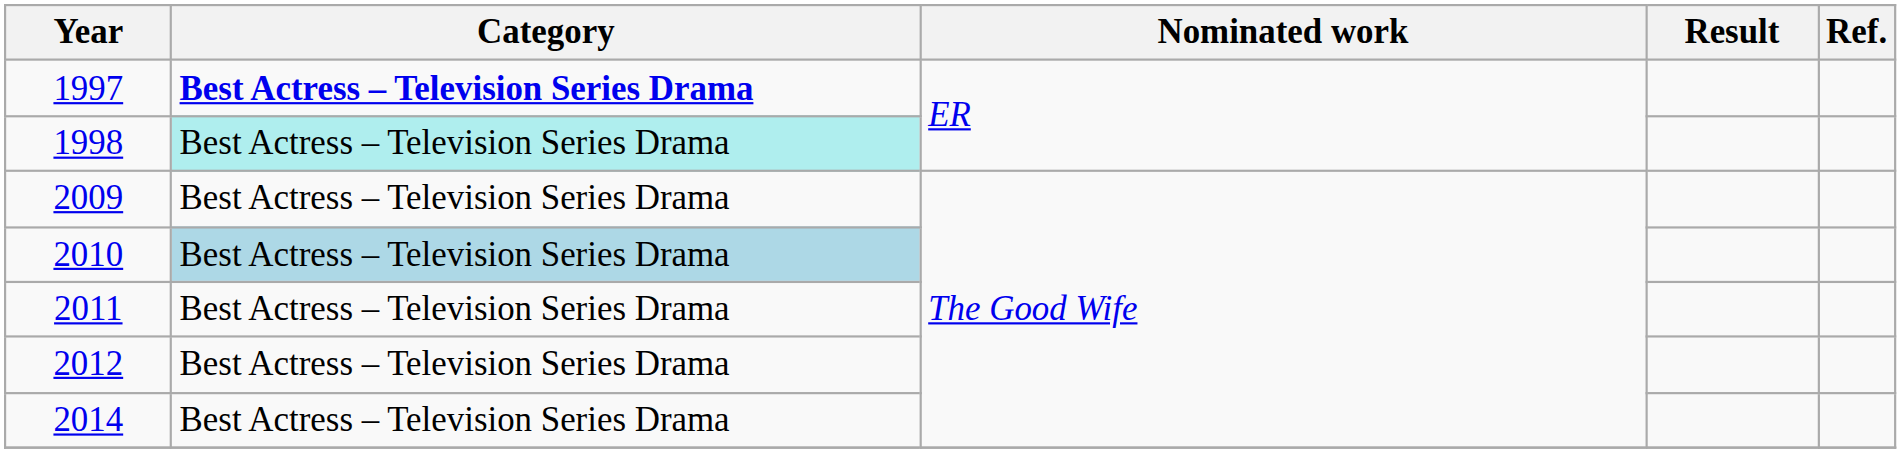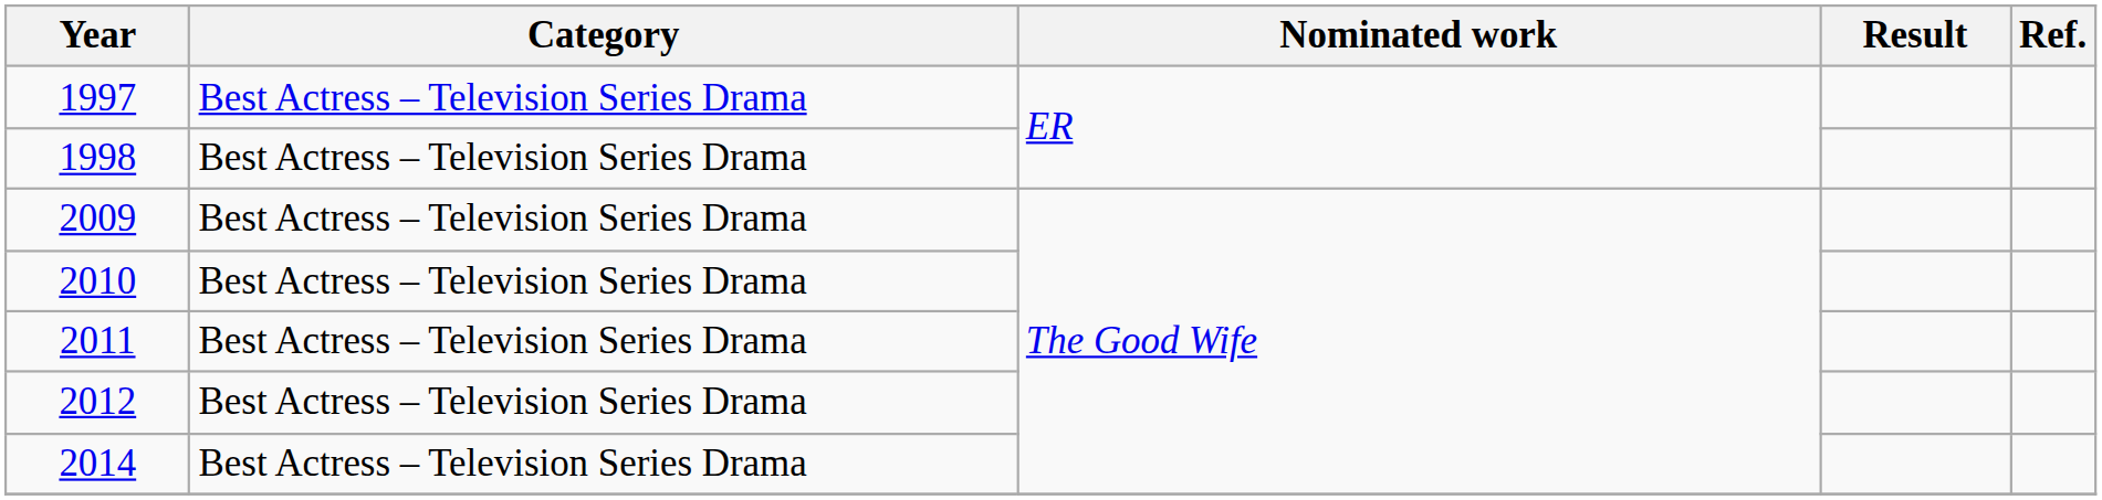 <table class=wikitable>
 <tr>
 <th scope="col" style="width:5em;">Year</th>
 <th scope="col" style="width:26em;">Category</th>
 <th scope="col" style="width:25em;">Nominated work</th>
 <th scope="col" style="width:5em;">Result</th>
 <th>Ref.</th>
 </tr>
 <tr>
 <td style="text-align:center;"><a href='#'>1997</a></td>
-<td><strong><a href='#'>Best Actress – Television Series Drama</a></strong></td>
+<td><a href='#'>Best Actress – Television Series Drama</a></td>
 <td rowspan="2"><em><a href='#'>ER</a></em></td>
 <td></td>
 <td></td>
 </tr>
 <tr>
 <td style="text-align:center;"><a href='#'>1998</a></td>
-<td style="background: paleturquoise;">Best Actress – Television Series Drama</td>
+<td>Best Actress – Television Series Drama</td>
 <td></td>
 <td></td>
 </tr>
 <tr>
 <td style="text-align:center;"><a href='#'>2009</a></td>
 <td>Best Actress – Television Series Drama</td>
 <td rowspan="5"><em><a href='#'>The Good Wife</a></em></td>
 <td></td>
 <td></td>
 </tr>
 <tr>
 <td style="text-align:center;"><a href='#'>2010</a></td>
-<td style="background: lightblue;">Best Actress – Television Series Drama</td>
+<td>Best Actress – Television Series Drama</td>
 <td></td>
 <td></td>
 </tr>
 <tr>
 <td style="text-align:center;"><a href='#'>2011</a></td>
 <td>Best Actress – Television Series Drama</td>
 <td></td>
 <td></td>
 </tr>
 <tr>
 <td style="text-align:center;"><a href='#'>2012</a></td>
 <td>Best Actress – Television Series Drama</td>
 <td></td>
 <td></td>
 </tr>
 <tr>
 <td style="text-align:center;"><a href='#'>2014</a></td>
 <td>Best Actress – Television Series Drama</td>
 <td></td>
 <td></td>
 </tr>
 <tr>
 </tr>
 </table>
